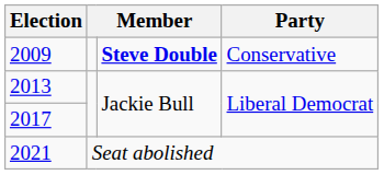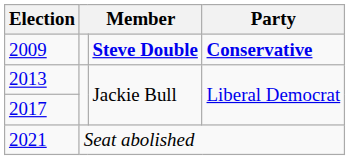 <table class="wikitable">
 <tr>
 <th>Election</th>
 <th colspan="2">Member</th>
 <th>Party</th>
 </tr>
 <tr>
 <td><a href='#'>2009</a></td>
 <td rowspan="1" style="background-color: "></td>
 <td rowspan="1"><strong><a href='#'>Steve Double</a></strong></td>
-<td rowspan="1"><a href='#'>Conservative</a></td>
+<td rowspan="1"><strong><a href='#'>Conservative</a></strong></td>
 </tr>
 <tr>
 <td><a href='#'>2013</a></td>
 <td rowspan="2" style="background-color: "></td>
 <td rowspan="2">Jackie Bull</td>
 <td rowspan="2"><a href='#'>Liberal Democrat</a></td>
 </tr>
 <tr>
 <td><a href='#'>2017</a></td>
 </tr>
 <tr>
 <td><a href='#'>2021</a></td>
 <td colspan="3"><em>Seat abolished</em></td>
 </tr>
 </table>
